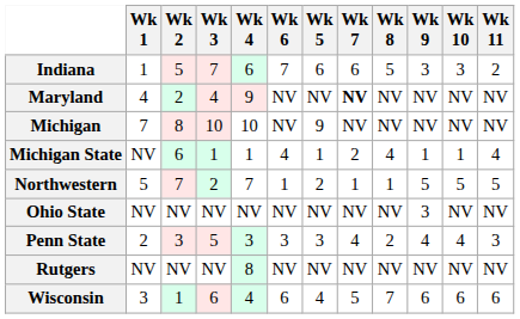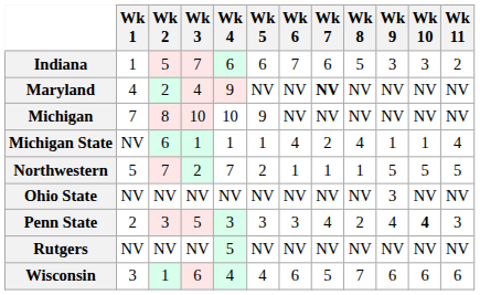 <table class="wikitable" style="white-space:nowrap;font-size:90%;text-align:center;">
 <tr>
 <th style="background:white; border-top-style:hidden; border-left-style:hidden;"> </th>
 <th>Wk<br> 1</th>
 <th>Wk<br>2</th>
 <th>Wk<br>3</th>
 <th>Wk<br>4</th>
+<th>Wk<br>5</th>
 <th>Wk<br>6</th>
-<th>Wk<br>5</th>
 <th>Wk<br>7</th>
 <th>Wk<br>8</th>
 <th>Wk<br>9</th>
 <th>Wk<br>10</th>
 <th>Wk<br>11</th>
 </tr>
 <tr>
 <th>Indiana</th>
 <td style="background:#FFF;">1</td>
 <td style="background:#ffe6e6;">5</td>
 <td style="background:#ffe6e6;">7</td>
 <td style="background:#d8ffeb;">6</td>
+<td style="background:#FFF;">6</td>
 <td style="background:#FFF;">7</td>
-<td style="background:#FFF;">6</td>
 <td style="background:#FFF;">6</td>
 <td style="background:#FFF;">5</td>
 <td style="background:#FFF;">3</td>
 <td style="background:#FFF;">3</td>
 <td style="background:#FFF;">2</td>
 </tr>
 <tr>
 <th>Maryland</th>
 <td style="background:#FFF;">4</td>
 <td style="background:#d8ffeb;">2</td>
 <td style="background:#ffe6e6;">4</td>
 <td style="background:#ffe6e6;">9</td>
 <td style="background:#FFF;">NV</td>
 <td style="background:#FFF;">NV</td>
 <td style="background:#FFF;"><strong>NV</strong></td>
 <td style="background:#FFF;">NV</td>
 <td style="background:#FFF;">NV</td>
 <td style="background:#FFF;">NV</td>
 <td style="background:#FFF;">NV</td>
 </tr>
 <tr>
 <th>Michigan</th>
 <td style="background:#FFF;">7</td>
 <td style="background:#ffe6e6;">8</td>
 <td style="background:#ffe6e6;">10</td>
 <td style="background:#FFF;">10</td>
+<td style="background:#FFF;">9</td>
 <td style="background:#FFF;">NV</td>
-<td style="background:#FFF;">9</td>
 <td style="background:#FFF;">NV</td>
 <td style="background:#FFF;">NV</td>
 <td style="background:#FFF;">NV</td>
 <td style="background:#FFF;">NV</td>
 <td style="background:#FFF;">NV</td>
 </tr>
 <tr>
 <th>Michigan State</th>
 <td style="background:#FFF;">NV</td>
 <td style="background:#d8ffeb;">6</td>
 <td style="background:#d8ffeb;">1</td>
 <td style="background:#FFF;">1</td>
+<td style="background:#FFF;">1</td>
 <td style="background:#FFF;">4</td>
-<td style="background:#FFF;">1</td>
 <td style="background:#FFF;">2</td>
 <td style="background:#FFF;">4</td>
 <td style="background:#FFF;">1</td>
 <td style="background:#FFF;">1</td>
 <td style="background:#FFF;">4</td>
 </tr>
 <tr>
 <th>Northwestern</th>
 <td style="background:#FFF;">5</td>
 <td style="background:#ffe6e6;">7</td>
 <td style="background:#d8ffeb;">2</td>
 <td style="background:#FFF;">7</td>
+<td style="background:#FFF;">2</td>
 <td style="background:#FFF;">1</td>
-<td style="background:#FFF;">2</td>
 <td style="background:#FFF;">1</td>
 <td style="background:#FFF;">1</td>
 <td style="background:#FFF;">5</td>
 <td style="background:#FFF;">5</td>
 <td style="background:#FFF;">5</td>
 </tr>
 <tr>
 <th>Ohio State</th>
 <td style="background:#FFF;">NV</td>
 <td style="background:#FFF;">NV</td>
 <td style="background:#FFF;">NV</td>
 <td style="background:#FFF;">NV</td>
 <td style="background:#FFF;">NV</td>
 <td style="background:#FFF;">NV</td>
 <td style="background:#FFF;">NV</td>
 <td style="background:#FFF;">NV</td>
 <td style="background:#FFF;">3</td>
 <td style="background:#FFF;">NV</td>
 <td style="background:#FFF;">NV</td>
 </tr>
 <tr>
 <th>Penn State</th>
 <td style="background:#FFF;">2</td>
 <td style="background:#ffe6e6;">3</td>
 <td style="background:#ffe6e6;">5</td>
 <td style="background:#d8ffeb;">3</td>
 <td style="background:#FFF;">3</td>
 <td style="background:#FFF;">3</td>
 <td style="background:#FFF;">4</td>
 <td style="background:#FFF;">2</td>
 <td style="background:#FFF;">4</td>
-<td style="background:#FFF;">4</td>
+<td style="background:#FFF;"><strong>4</strong></td>
 <td style="background:#FFF;">3</td>
 </tr>
 <tr>
 <th>Rutgers</th>
 <td style="background:#FFF;">NV</td>
 <td style="background:#FFF;">NV</td>
 <td style="background:#FFF;">NV</td>
-<td style="background:#d8ffeb;">8</td>
+<td style="background:#d8ffeb;">5</td>
 <td style="background:#FFF;">NV</td>
 <td style="background:#FFF;">NV</td>
 <td style="background:#FFF;">NV</td>
 <td style="background:#FFF;">NV</td>
 <td style="background:#FFF;">NV</td>
 <td style="background:#FFF;">NV</td>
 <td style="background:#FFF;">NV</td>
 </tr>
 <tr>
 <th>Wisconsin</th>
 <td style="background:#FFF;">3</td>
 <td style="background:#d8ffeb;">1</td>
 <td style="background:#ffe6e6;">6</td>
 <td style="background:#d8ffeb;">4</td>
+<td style="background:#FFF;">4</td>
 <td style="background:#FFF;">6</td>
-<td style="background:#FFF;">4</td>
 <td style="background:#FFF;">5</td>
 <td style="background:#FFF;">7</td>
 <td style="background:#FFF;">6</td>
 <td style="background:#FFF;">6</td>
 <td style="background:#FFF;">6</td>
 </tr>
 </table>
